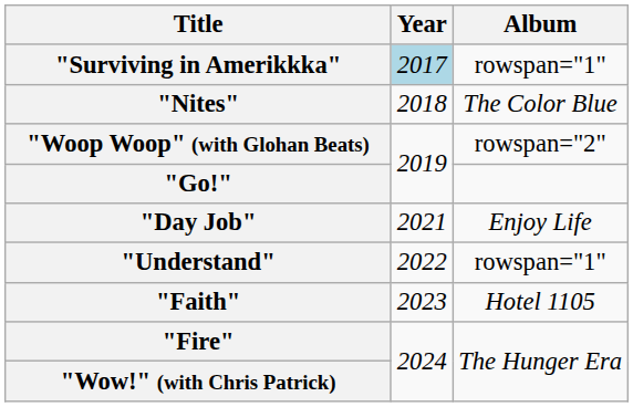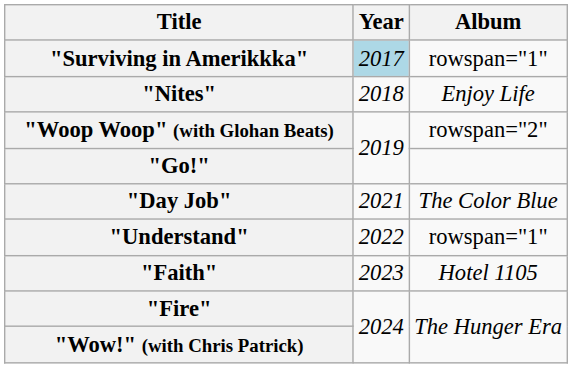 <table class="wikitable plainrowheaders" style="text-align:center;">
 <tr>
 <th scope="col" style="width:15em;">Title</th>
 <th scope="col">Year</th>
 <th scope="col">Album</th>
 </tr>
 <tr>
 <th scope="row">"Surviving in Amerikkka"</th>
 <td rowspan="1" style="background: lightblue;"><em>2017</em></td>
 <td>rowspan="1" </td>
 </tr>
 <tr>
 <th scope="row">"Nites"</th>
 <td rowspan="1"><em>2018</em></td>
-<td rowspan="1"><em>The Color Blue</em></td>
+<td rowspan="1"><em>Enjoy Life</em></td>
 </tr>
 <tr>
 <th scope="row">"Woop Woop" <small>(with Glohan Beats)</small></th>
 <td rowspan="2"><em>2019</em></td>
 <td>rowspan="2" </td>
 </tr>
 <tr>
 <th scope="row">"Go!"</th>
 </tr>
 <tr>
 <th scope="row">"Day Job"</th>
 <td rowspan="1"><em>2021</em></td>
-<td rowspan="1"><em>Enjoy Life</em></td>
+<td rowspan="1"><em>The Color Blue</em></td>
 </tr>
 <tr>
 <th scope="row">"Understand"</th>
 <td rowspan="1"><em>2022</em></td>
 <td>rowspan="1" </td>
 </tr>
 <tr>
 <th scope="row">"Faith"</th>
 <td rowspan="1"><em>2023</em></td>
 <td rowspan="1"><em>Hotel 1105</em></td>
 </tr>
 <tr>
 <th scope="row">"Fire"</th>
 <td rowspan="2"><em>2024</em></td>
 <td rowspan="2"><em>The Hunger Era</em></td>
 </tr>
 <tr>
 <th scope="row">"Wow!" <small>(with Chris Patrick)</small></th>
 </tr>
 </table>
